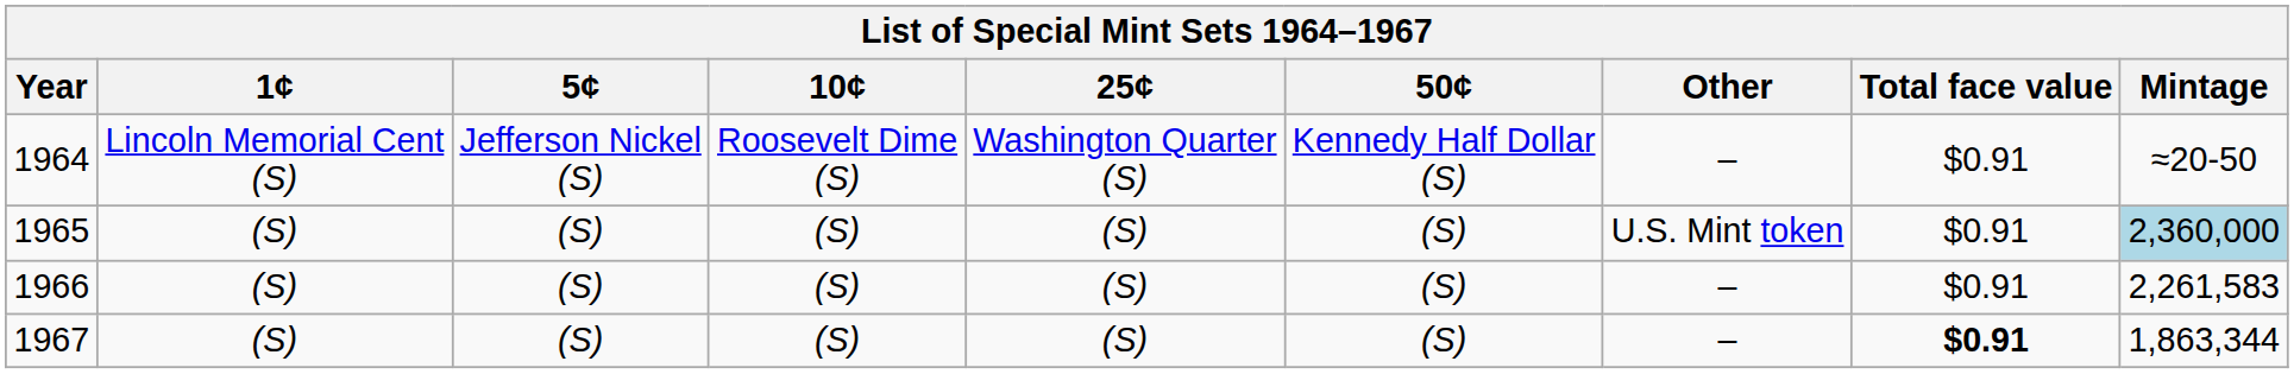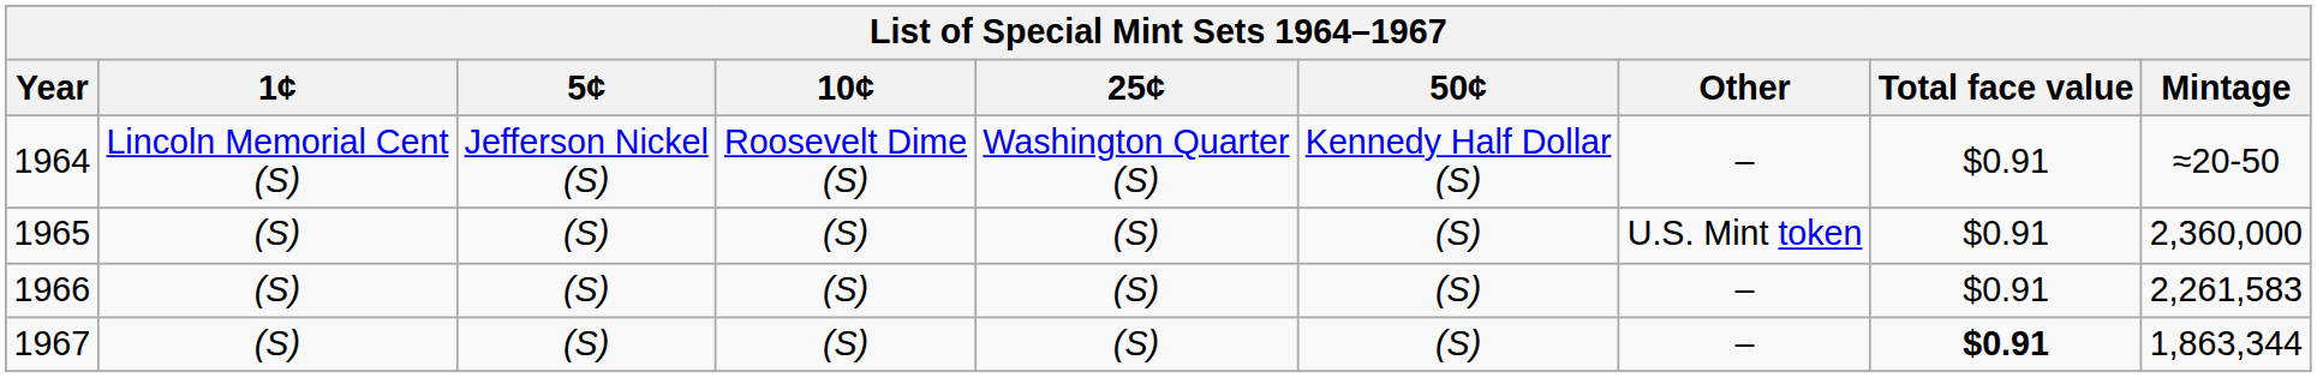 <table class="wikitable mw-collapsible mw-collapsed">
 <tr>
 <th colspan="9">List of Special Mint Sets 1964–1967</th>
 </tr>
 <tr>
 <th align="center">Year</th>
 <th align="center">1¢</th>
 <th align="center">5¢</th>
 <th align="center">10¢</th>
 <th align="center">25¢</th>
 <th align="center">50¢</th>
 <th align="center">Other</th>
 <th align="center">Total face value</th>
 <th align="center">Mintage</th>
 </tr>
 <tr>
 <td align="center">1964</td>
 <td align="center"><a href='#'>Lincoln Memorial Cent</a><br><em>(S)</em></td>
 <td align="center"><a href='#'>Jefferson Nickel</a><br><em>(S)</em></td>
 <td align="center"><a href='#'>Roosevelt Dime</a><br><em>(S)</em></td>
 <td align="center"><a href='#'>Washington Quarter</a><br><em>(S)</em></td>
 <td align="center"><a href='#'>Kennedy Half Dollar</a><br><em>(S)</em></td>
 <td align="center">–</td>
 <td align="center">$0.91</td>
 <td align="center">≈20-50</td>
 </tr>
 <tr>
 <td align="center">1965</td>
 <td align="center"><em>(S)</em></td>
 <td align="center"><em>(S)</em></td>
 <td align="center"><em>(S)</em></td>
 <td align="center"><em>(S)</em></td>
 <td align="center"><em>(S)</em></td>
 <td align="center">U.S. Mint <a href='#'>token</a></td>
 <td align="center">$0.91</td>
-<td align="center" style="background: lightblue;">2,360,000</td>
+<td align="center">2,360,000</td>
 </tr>
 <tr>
 <td align="center">1966</td>
 <td align="center"><em>(S)</em></td>
 <td align="center"><em>(S)</em></td>
 <td align="center"><em>(S)</em></td>
 <td align="center"><em>(S)</em></td>
 <td align="center"><em>(S)</em></td>
 <td align="center">–</td>
 <td align="center">$0.91</td>
 <td align="center">2,261,583</td>
 </tr>
 <tr>
 <td align="center">1967</td>
 <td align="center"><em>(S)</em></td>
 <td align="center"><em>(S)</em></td>
 <td align="center"><em>(S)</em></td>
 <td align="center"><em>(S)</em></td>
 <td align="center"><em>(S)</em></td>
 <td align="center">–</td>
 <td align="center"><strong>$0.91</strong></td>
 <td align="center">1,863,344</td>
 </tr>
 </table>
